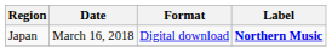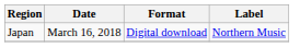 <table class="wikitable sortable plainrowheaders">
 <tr>
 <th scope="col">Region</th>
 <th scope="col">Date</th>
 <th scope="col">Format</th>
 <th scope="col">Label</th>
 </tr>
 <tr>
 <td>Japan</td>
 <td>March 16, 2018</td>
 <td><a href='#'>Digital download</a></td>
-<td><strong><a href='#'>Northern Music</a></strong></td>
+<td><a href='#'>Northern Music</a></td>
 </tr>
 <tr>
 </tr>
 </table>
